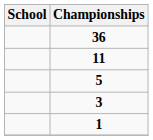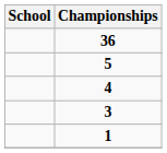 <table class="wikitable sortable" style="text-align:center">
 <tr>
 <th>School</th>
 <th>Championships</th>
 </tr>
 <tr>
 <td><strong><a href='#'></a></strong></td>
 <td><strong>36</strong></td>
 </tr>
 <tr>
 <td><strong><a href='#'></a></strong></td>
-<td><strong>11</strong></td>
+<td><strong>5</strong></td>
 </tr>
 <tr>
 <td><strong><a href='#'></a></strong></td>
-<td><strong>5</strong></td>
+<td><strong>4</strong></td>
 </tr>
 <tr>
 <td><strong><a href='#'></a></strong></td>
 <td><strong>3</strong></td>
 </tr>
 <tr>
 <td><strong><a href='#'></a></strong></td>
 <td><strong>1</strong></td>
 </tr>
 <tr>
 </tr>
 </table>
